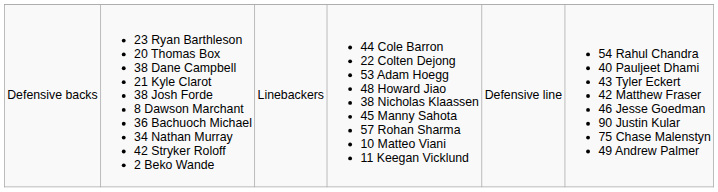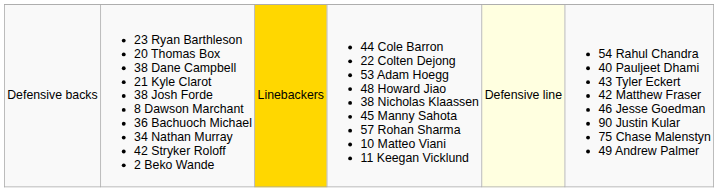 <table class="wikitable">
 <tr>
 </tr>
 <tr>
 <td>Defensive backs</td>
 <td><br><ul><li>23 Ryan Barthleson</li><li>20 Thomas Box</li><li>38 Dane Campbell</li><li>21 Kyle Clarot</li><li>38 Josh Forde</li><li>8 Dawson Marchant</li><li>36 Bachuoch Michael</li><li>34 Nathan Murray</li><li>42 Stryker Roloff</li><li>2 Beko Wande</li></ul></td>
-<td>Linebackers</td>
+<td style="background: gold;">Linebackers</td>
 <td><br><ul><li>44 Cole Barron</li><li>22 Colten Dejong</li><li>53 Adam Hoegg</li><li>48 Howard Jiao</li><li>38 Nicholas Klaassen</li><li>45 Manny Sahota</li><li>57 Rohan Sharma</li><li>10 Matteo Viani</li><li>11 Keegan Vicklund</li></ul></td>
-<td>Defensive line</td>
+<td style="background: lightyellow;">Defensive line</td>
 <td><br><ul><li>54 Rahul Chandra</li><li>40 Pauljeet Dhami</li><li>43 Tyler Eckert</li><li>42 Matthew Fraser</li><li>46 Jesse Goedman</li><li>90 Justin Kular</li><li>75 Chase Malenstyn</li><li>49 Andrew Palmer</li></ul></td>
 </tr>
 </table>
